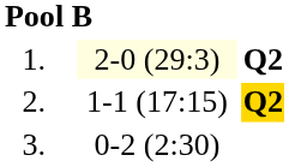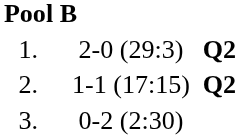 <table style="text-align:center">
 <tr>
 <td colspan=4 align=left><strong>Pool B</strong></td>
 </tr>
 <tr>
 <td width=30>1.</td>
 <td align=left></td>
-<td width=80 style="background: lightyellow;">2-0 (29:3)</td>
+<td width=80>2-0 (29:3)</td>
 <td><strong>Q2</strong></td>
 </tr>
 <tr>
 <td>2.</td>
 <td align=left></td>
 <td>1-1 (17:15)</td>
-<td style="background: gold;"><strong>Q2</strong></td>
+<td><strong>Q2</strong></td>
 </tr>
 <tr>
 <td>3.</td>
 <td align=left></td>
 <td>0-2 (2:30)</td>
 <td></td>
 </tr>
 </table>
